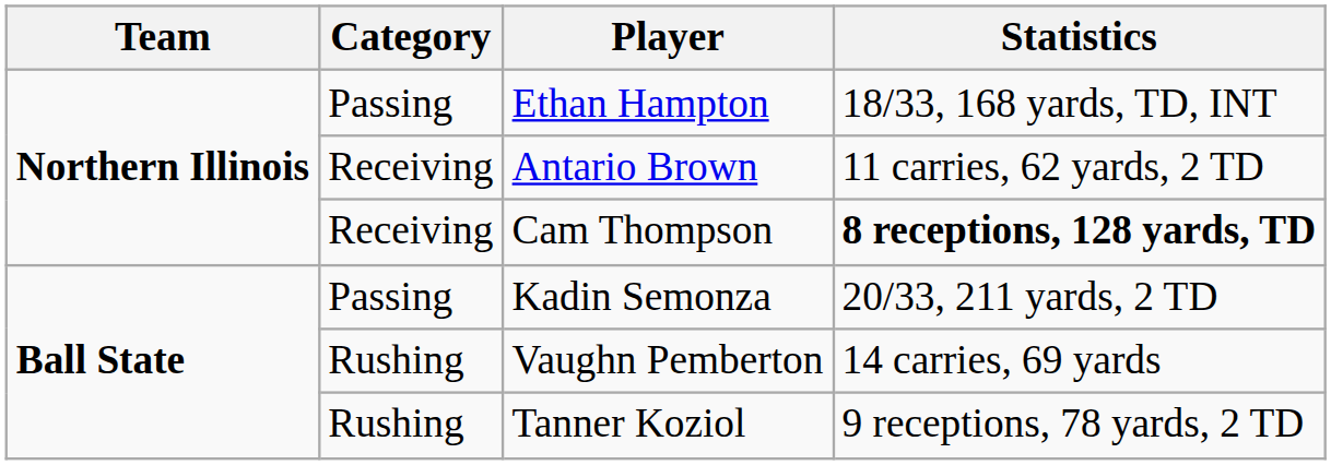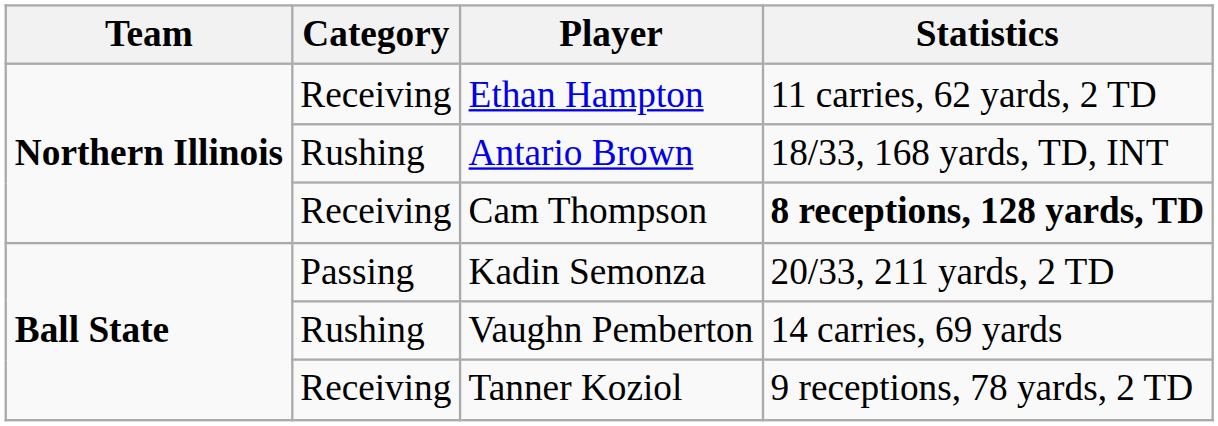 <table class="wikitable" style="float: right;">
 <tr>
 <th>Team</th>
 <th>Category</th>
 <th>Player</th>
 <th>Statistics</th>
 </tr>
 <tr>
 <td rowspan=3><strong>Northern Illinois</strong></td>
-<td>Passing</td>
+<td>Receiving</td>
 <td><a href='#'>Ethan Hampton</a></td>
-<td>18/33, 168 yards, TD, INT</td>
+<td>11 carries, 62 yards, 2 TD</td>
 </tr>
 <tr>
-<td>Receiving</td>
+<td>Rushing</td>
 <td><a href='#'>Antario Brown</a></td>
-<td>11 carries, 62 yards, 2 TD</td>
+<td>18/33, 168 yards, TD, INT</td>
 </tr>
 <tr>
 <td>Receiving</td>
 <td>Cam Thompson</td>
 <td><strong>8 receptions, 128 yards, TD</strong></td>
 </tr>
 <tr>
 <td rowspan=3><strong>Ball State</strong></td>
 <td>Passing</td>
 <td>Kadin Semonza</td>
 <td>20/33, 211 yards, 2 TD</td>
 </tr>
 <tr>
 <td>Rushing</td>
 <td>Vaughn Pemberton</td>
 <td>14 carries, 69 yards</td>
 </tr>
 <tr>
-<td>Rushing</td>
+<td>Receiving</td>
 <td>Tanner Koziol</td>
 <td>9 receptions, 78 yards, 2 TD</td>
 </tr>
 </table>
